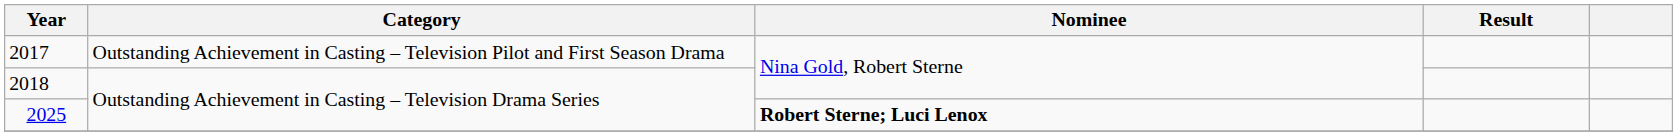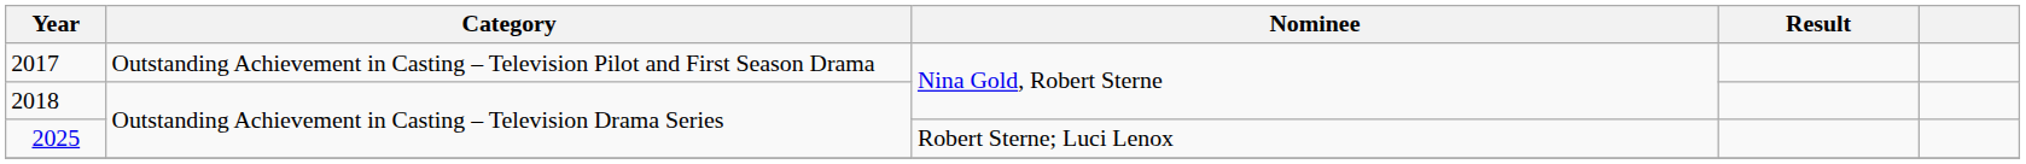 <table class="wikitable" style="width:85%;">
 <tr>
 <th width=5%>Year</th>
 <th style="width:40%;">Category</th>
 <th style="width:40%;">Nominee</th>
 <th style="width:10%;">Result</th>
 <th width=5%></th>
 </tr>
 <tr>
 <td vstyle="text-align: center;"rowspan="1">2017</td>
 <td>Outstanding Achievement in Casting – Television Pilot and First Season Drama</td>
 <td rowspan="2"><a href='#'>Nina Gold</a>, Robert Sterne</td>
 <td></td>
 <td rowspan="1"></td>
 </tr>
 <tr>
 <td vstyle="text-align: center;"rowspan="1">2018</td>
 <td rowspan="2">Outstanding Achievement in Casting – Television Drama Series</td>
 <td></td>
 <td rowspan="1"></td>
 </tr>
 <tr>
 <td style="text-align:center;"><a href='#'>2025</a></td>
-<td><strong>Robert Sterne; Luci Lenox</strong></td>
+<td>Robert Sterne; Luci Lenox</td>
 <td></td>
 <td align="center"></td>
 </tr>
 <tr>
 </tr>
 </table>
